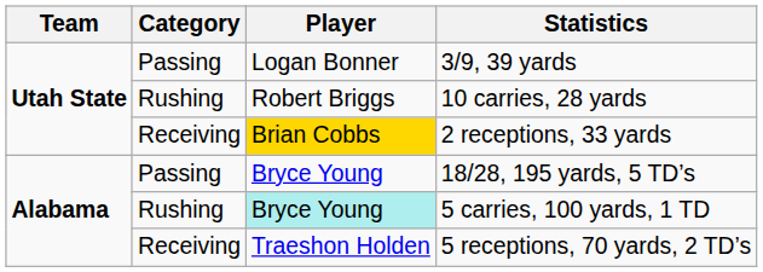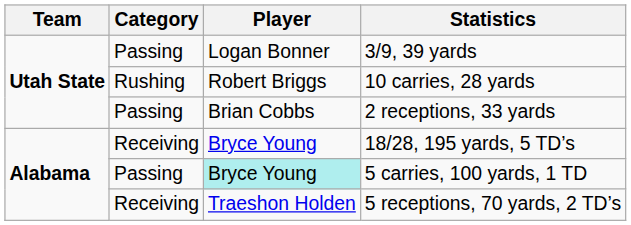 <table class="wikitable" style="float: right;">
 <tr>
 <th>Team</th>
 <th>Category</th>
 <th>Player</th>
 <th>Statistics</th>
 </tr>
 <tr>
 <td rowspan=3><strong>Utah State</strong></td>
 <td>Passing</td>
 <td>Logan Bonner</td>
 <td>3/9, 39 yards</td>
 </tr>
 <tr>
 <td>Rushing</td>
 <td>Robert Briggs</td>
 <td>10 carries, 28 yards</td>
 </tr>
 <tr>
-<td>Receiving</td>
-<td style="background: gold;">Brian Cobbs</td>
+<td>Passing</td>
+<td>Brian Cobbs</td>
 <td>2 receptions, 33 yards</td>
 </tr>
 <tr>
 <td rowspan=3><strong>Alabama</strong></td>
-<td>Passing</td>
+<td>Receiving</td>
 <td><a href='#'>Bryce Young</a></td>
 <td>18/28, 195 yards, 5 TD’s</td>
 </tr>
 <tr>
-<td>Rushing</td>
+<td>Passing</td>
 <td style="background: paleturquoise;">Bryce Young</td>
 <td>5 carries, 100 yards, 1 TD</td>
 </tr>
 <tr>
 <td>Receiving</td>
 <td><a href='#'>Traeshon Holden</a></td>
 <td>5 receptions, 70 yards, 2 TD’s</td>
 </tr>
 </table>
